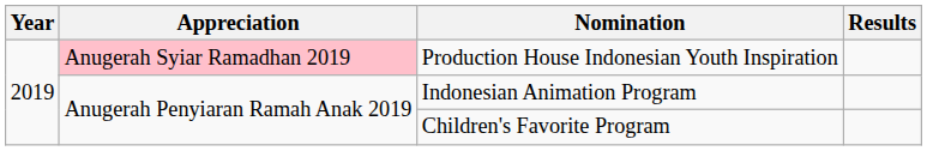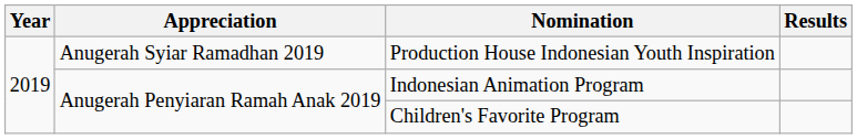 <table class="wikitable plainrowheaders">
 <tr>
 <th scope="col">Year</th>
 <th scope="col">Appreciation</th>
 <th scope="col">Nomination</th>
 <th scope="col">Results</th>
 </tr>
 <tr>
 <td scope="row" rowspan=3>2019</td>
-<td style="background: pink;">Anugerah Syiar Ramadhan 2019</td>
+<td>Anugerah Syiar Ramadhan 2019</td>
 <td>Production House Indonesian Youth Inspiration</td>
 <td></td>
 </tr>
 <tr>
 <td scope="row" rowspan=2>Anugerah Penyiaran Ramah Anak 2019</td>
 <td>Indonesian Animation Program</td>
 <td></td>
 </tr>
 <tr>
 <td scope="row">Children's Favorite Program</td>
 <td></td>
 </tr>
 </table>
